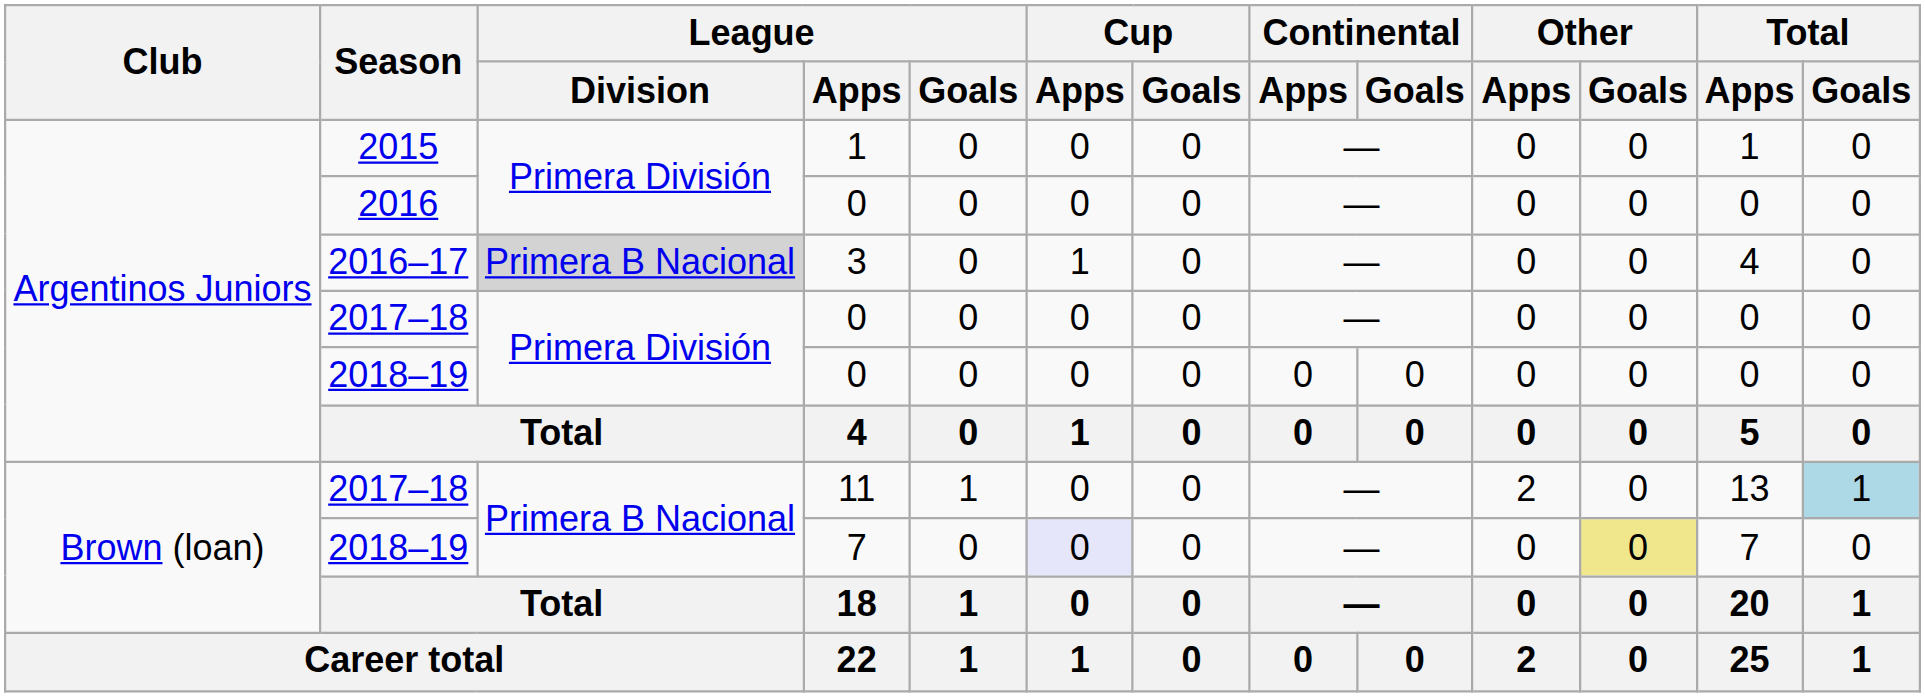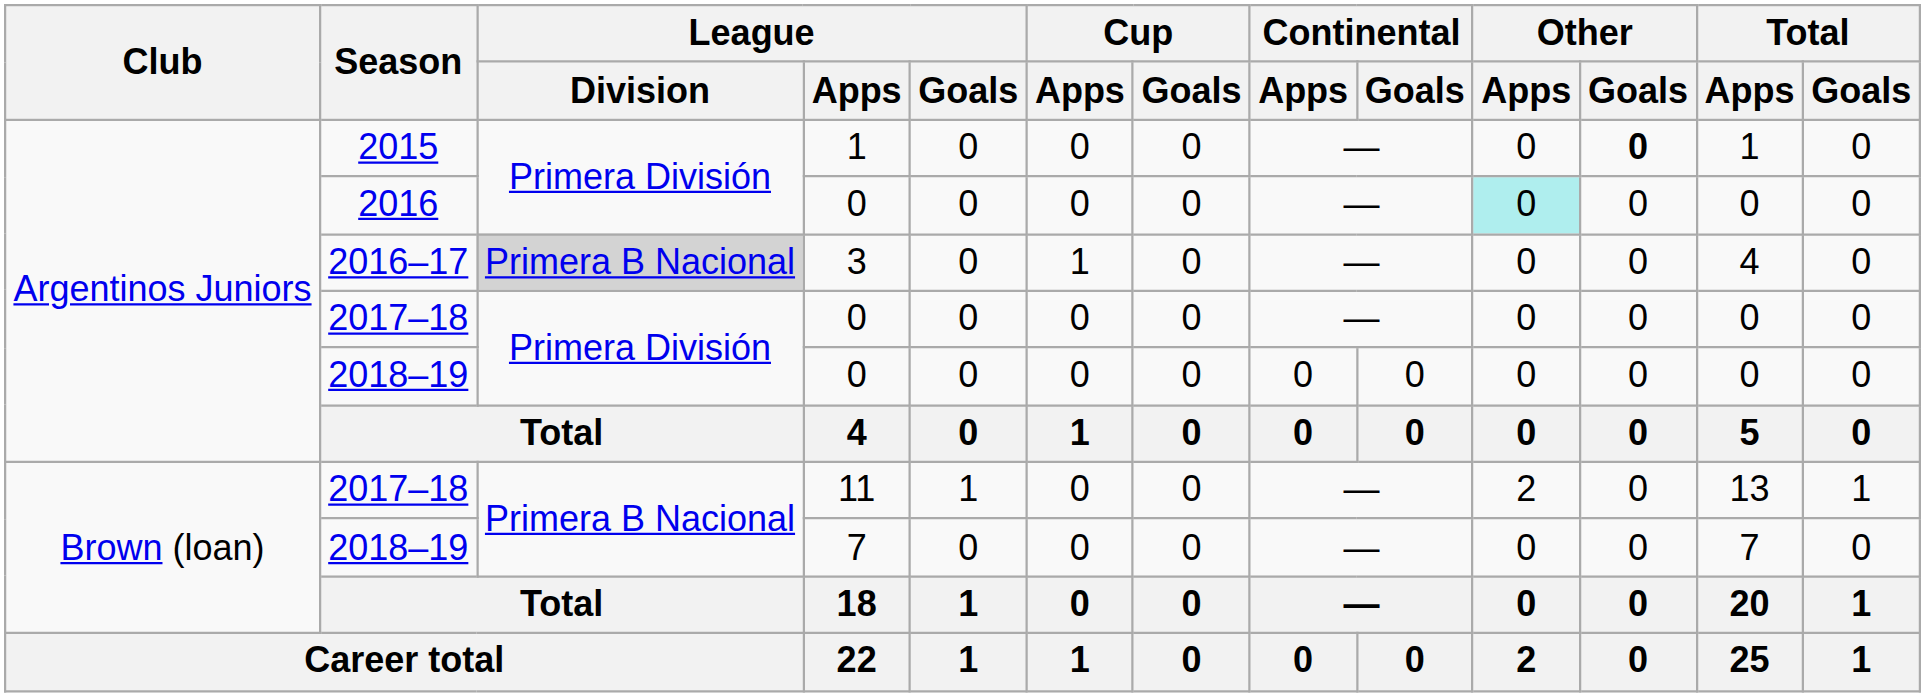 <table class="wikitable" style="text-align:center">
 <tr>
 <th rowspan="2">Club</th>
 <th rowspan="2">Season</th>
 <th colspan="3">League</th>
 <th colspan="2">Cup</th>
 <th colspan="2">Continental</th>
 <th colspan="2">Other</th>
 <th colspan="2">Total</th>
 </tr>
 <tr>
 <th>Division</th>
 <th>Apps</th>
 <th>Goals</th>
 <th>Apps</th>
 <th>Goals</th>
 <th>Apps</th>
 <th>Goals</th>
 <th>Apps</th>
 <th>Goals</th>
 <th>Apps</th>
 <th>Goals</th>
 </tr>
 <tr>
 <td rowspan="6"><a href='#'>Argentinos Juniors</a></td>
 <td><a href='#'>2015</a></td>
 <td rowspan="2"><a href='#'>Primera División</a></td>
 <td>1</td>
 <td>0</td>
 <td>0</td>
 <td>0</td>
 <td colspan="2">—</td>
 <td>0</td>
-<td>0</td>
+<td><strong>0</strong></td>
 <td>1</td>
 <td>0</td>
 </tr>
 <tr>
 <td><a href='#'>2016</a></td>
 <td>0</td>
 <td>0</td>
 <td>0</td>
 <td>0</td>
 <td colspan="2">—</td>
-<td>0</td>
+<td style="background: paleturquoise;">0</td>
 <td>0</td>
 <td>0</td>
 <td>0</td>
 </tr>
 <tr>
 <td><a href='#'>2016–17</a></td>
 <td rowspan="1" style="background: lightgrey;"><a href='#'>Primera B Nacional</a></td>
 <td>3</td>
 <td>0</td>
 <td>1</td>
 <td>0</td>
 <td colspan="2">—</td>
 <td>0</td>
 <td>0</td>
 <td>4</td>
 <td>0</td>
 </tr>
 <tr>
 <td><a href='#'>2017–18</a></td>
 <td rowspan="2"><a href='#'>Primera División</a></td>
 <td>0</td>
 <td>0</td>
 <td>0</td>
 <td>0</td>
 <td colspan="2">—</td>
 <td>0</td>
 <td>0</td>
 <td>0</td>
 <td>0</td>
 </tr>
 <tr>
 <td><a href='#'>2018–19</a></td>
 <td>0</td>
 <td>0</td>
 <td>0</td>
 <td>0</td>
 <td>0</td>
 <td>0</td>
 <td>0</td>
 <td>0</td>
 <td>0</td>
 <td>0</td>
 </tr>
 <tr>
 <th colspan="2">Total</th>
 <th>4</th>
 <th>0</th>
 <th>1</th>
 <th>0</th>
 <th>0</th>
 <th>0</th>
 <th>0</th>
 <th>0</th>
 <th>5</th>
 <th>0</th>
 </tr>
 <tr>
 <td rowspan="3"><a href='#'>Brown</a> (loan)</td>
 <td><a href='#'>2017–18</a></td>
 <td rowspan="2"><a href='#'>Primera B Nacional</a></td>
 <td>11</td>
 <td>1</td>
 <td>0</td>
 <td>0</td>
 <td colspan="2">—</td>
 <td>2</td>
 <td>0</td>
 <td>13</td>
-<td style="background: lightblue;">1</td>
+<td>1</td>
 </tr>
 <tr>
 <td><a href='#'>2018–19</a></td>
 <td>7</td>
 <td>0</td>
-<td style="background: lavender;">0</td>
+<td>0</td>
 <td>0</td>
 <td colspan="2">—</td>
 <td>0</td>
-<td style="background: khaki;">0</td>
+<td>0</td>
 <td>7</td>
 <td>0</td>
 </tr>
 <tr>
 <th colspan="2">Total</th>
 <th>18</th>
 <th>1</th>
 <th>0</th>
 <th>0</th>
 <th colspan="2">—</th>
 <th>0</th>
 <th>0</th>
 <th>20</th>
 <th>1</th>
 </tr>
 <tr>
 <th colspan="3">Career total</th>
 <th>22</th>
 <th>1</th>
 <th>1</th>
 <th>0</th>
 <th>0</th>
 <th>0</th>
 <th>2</th>
 <th>0</th>
 <th>25</th>
 <th>1</th>
 </tr>
 </table>
